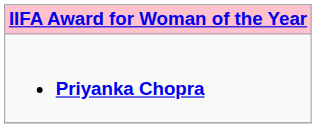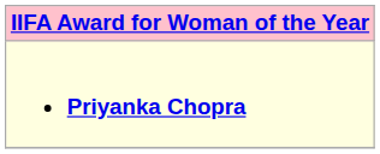 <table class=wikitable style="width=300%">
 <tr>
 <th style="background:#FFC1CC;" ! style="width=100%"><a href='#'>IIFA Award for Woman of the Year</a></th>
 </tr>
 <tr>
-<td valign="top"><br><ul><li><strong><a href='#'>Priyanka Chopra</a></strong></li></ul></td>
+<td valign="top" style="background: lightyellow;"><br><ul><li><strong><a href='#'>Priyanka Chopra</a></strong></li></ul></td>
 </tr>
 <tr>
 </tr>
 </table>
